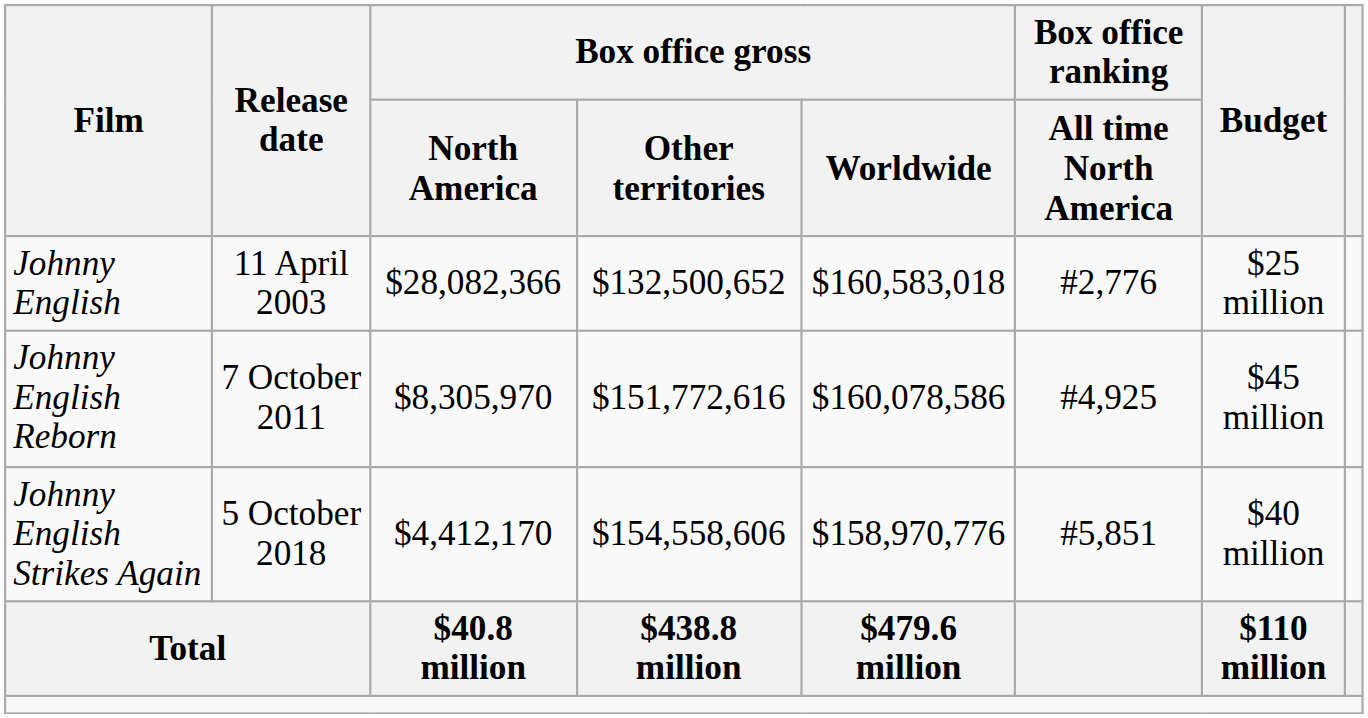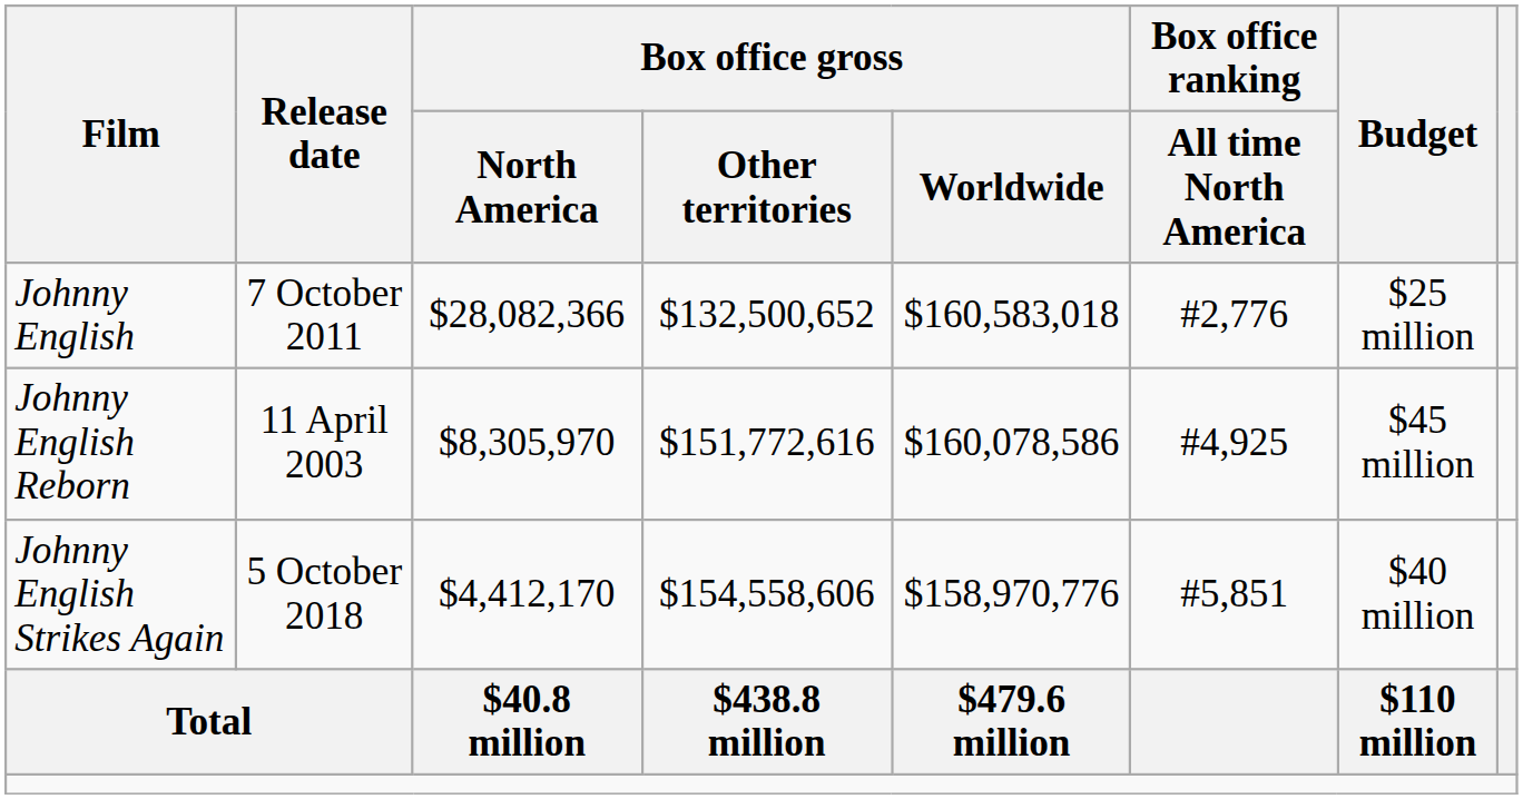 <table class="wikitable sortable" width=99% border="1" style="text-align: center;">
 <tr>
 <th rowspan="2">Film</th>
 <th rowspan="2">Release date</th>
 <th colspan="3">Box office gross</th>
 <th colspan="1">Box office ranking</th>
 <th rowspan="2">Budget<br></th>
 <th rowspan="2"></th>
 </tr>
 <tr>
 <th>North America</th>
 <th>Other territories</th>
 <th>Worldwide</th>
 <th>All time<br>North America</th>
 </tr>
 <tr>
 <td style="text-align: left;"><em>Johnny English</em></td>
-<td>11 April 2003</td>
+<td>7 October 2011</td>
 <td>$28,082,366</td>
 <td>$132,500,652</td>
 <td>$160,583,018</td>
 <td>#2,776</td>
 <td>$25 million</td>
 <td></td>
 </tr>
 <tr>
 <td style="text-align: left;"><em>Johnny English Reborn</em></td>
-<td>7 October 2011</td>
+<td>11 April 2003</td>
 <td>$8,305,970</td>
 <td>$151,772,616</td>
 <td>$160,078,586</td>
 <td>#4,925</td>
 <td>$45 million</td>
 <td></td>
 </tr>
 <tr>
 <td style="text-align: left;"><em>Johnny English Strikes Again</em></td>
 <td>5 October 2018</td>
 <td>$4,412,170</td>
 <td>$154,558,606</td>
 <td>$158,970,776</td>
 <td>#5,851</td>
 <td>$40 million</td>
 <td></td>
 </tr>
 <tr>
 <th colspan="2">Total</th>
 <th>$40.8 million</th>
 <th>$438.8 million</th>
 <th>$479.6 million</th>
 <th colspan="1"></th>
 <th>$110 million</th>
 <th rowspan="1"></th>
 </tr>
 <tr>
 <td colspan="10" style="text-align: left;"></td>
 </tr>
 </table>
